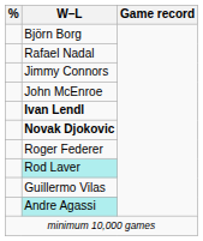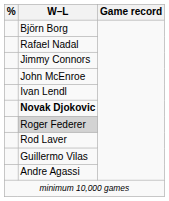 <table class="sortable wikitable" style="display:inline-table;">
 <tr>
 <th>%</th>
 <th>W–L</th>
 <th>Game record</th>
 </tr>
 <tr>
 <td></td>
 <td> Björn Borg</td>
 </tr>
 <tr>
 <td></td>
 <td> Rafael Nadal</td>
 </tr>
 <tr>
 <td></td>
 <td> Jimmy Connors</td>
 </tr>
 <tr>
 <td></td>
 <td> John McEnroe</td>
 </tr>
 <tr>
 <td></td>
-<td><strong> Ivan Lendl</strong></td>
+<td> Ivan Lendl</td>
 </tr>
 <tr>
 <td></td>
 <td> <strong>Novak Djokovic</strong></td>
 </tr>
 <tr>
 <td></td>
-<td> Roger Federer</td>
+<td style="background: lightgrey;"> Roger Federer</td>
 </tr>
 <tr>
 <td></td>
-<td style="background: paleturquoise;"> Rod Laver</td>
+<td> Rod Laver</td>
 </tr>
 <tr>
 <td> </td>
 <td> Guillermo Vilas</td>
 </tr>
 <tr>
 <td></td>
-<td style="background: paleturquoise;"> Andre Agassi</td>
+<td> Andre Agassi</td>
 </tr>
 <tr>
 <td colspan="3" style="text-align: center;"><small><em>minimum 10,000 games</em></small></td>
 </tr>
 </table>
